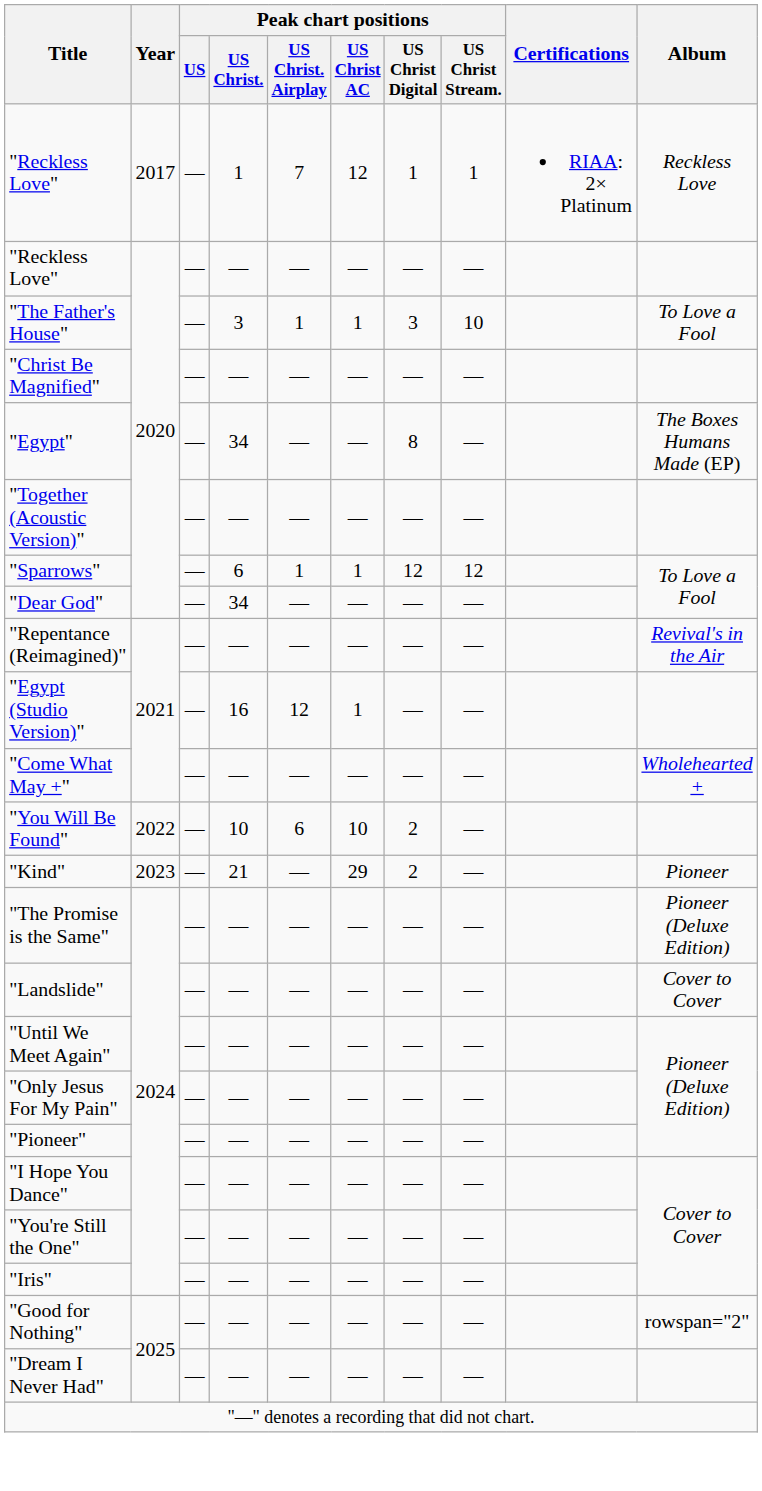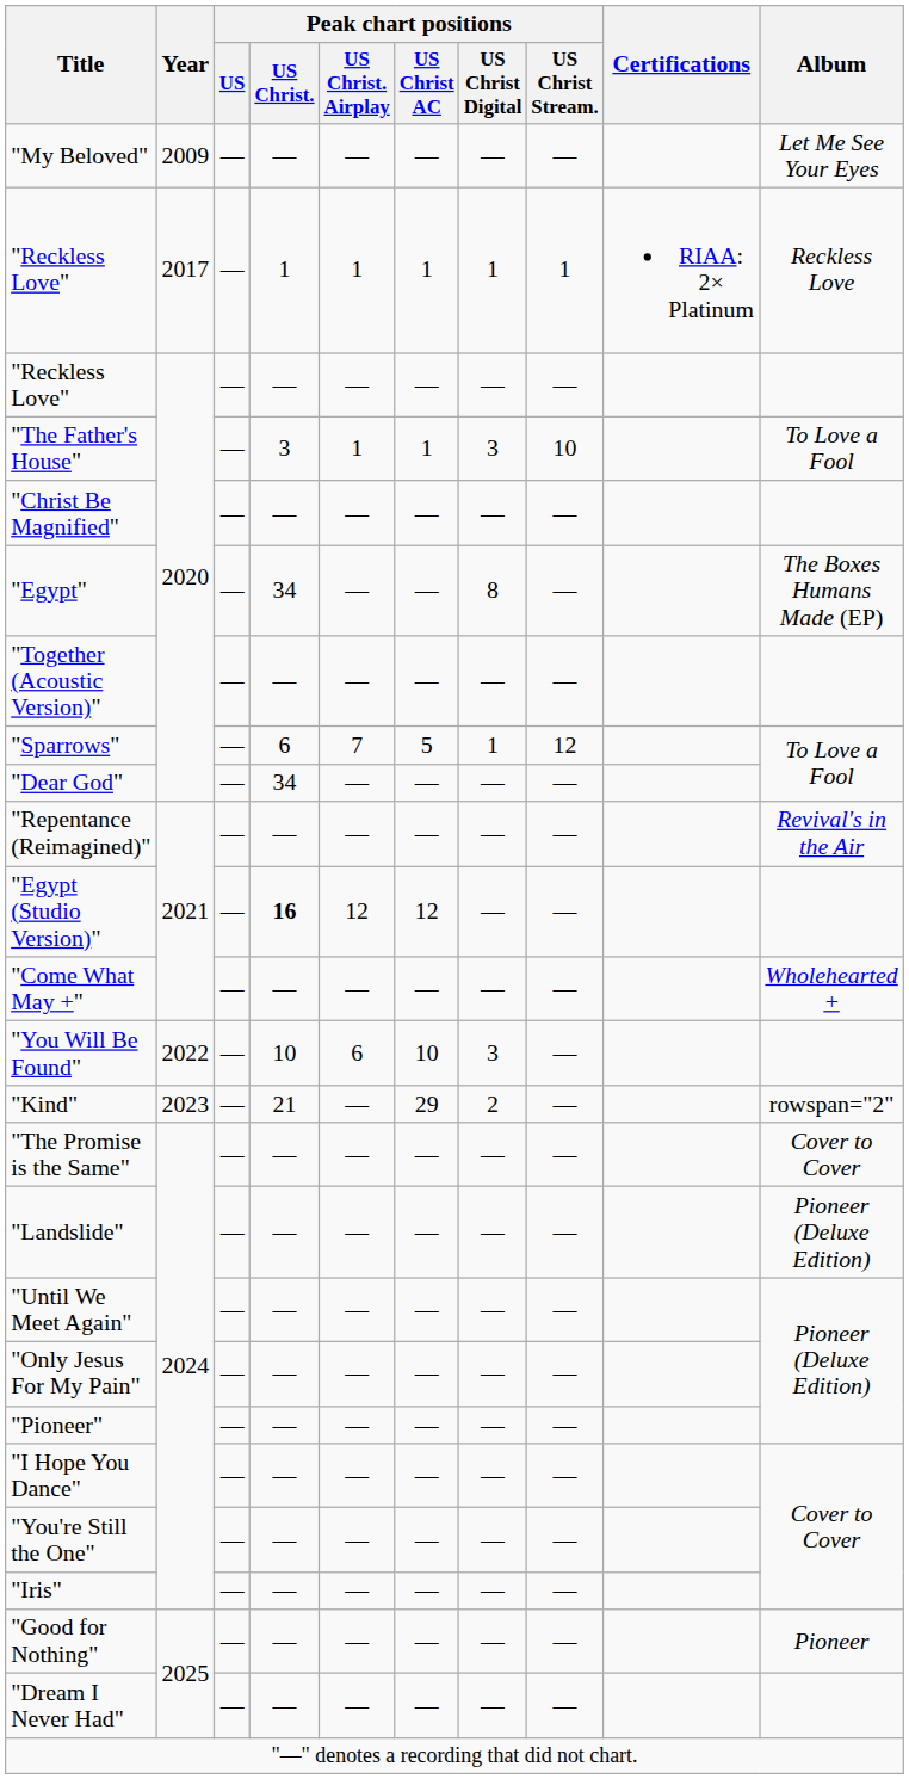 <table class="wikitable" style="text-align:center;">
 <tr>
 <th rowspan="2">Title</th>
 <th rowspan="2">Year</th>
 <th colspan="6" scope="col">Peak chart positions</th>
 <th scope="col" rowspan="2" style="width:13em;"><a href='#'>Certifications</a></th>
 <th rowspan="2">Album</th>
 </tr>
 <tr>
 <th scope="col" style="width:2.5em;font-size:85%;"><a href='#'>US</a><br></th>
 <th scope="col" style="width:3em;font-size:85%;"><a href='#'>US<br>Christ.</a><br></th>
 <th scope="col" style="width:3em;font-size:85%;"><a href='#'>US<br>Christ. Airplay</a><br></th>
 <th scope="col" style="width:3em;font-size:85%;"><a href='#'>US<br>Christ AC</a><br></th>
 <th scope="col" style="width:3em;font-size:85%;">US Christ Digital<br></th>
 <th scope="col" style="width:3em;font-size:85%;">US Christ Stream.<br></th>
 </tr>
 <tr>
+<td align="left">"My Beloved" <br></td>
+<td>2009</td>
+<td>—</td>
+<td>—</td>
+<td>—</td>
+<td>—</td>
+<td>—</td>
+<td>—</td>
+<td></td>
+<td><em>Let Me See Your Eyes</em></td>
+</tr>
+<tr>
 <td align="left">"<a href='#'>Reckless Love</a>"</td>
 <td>2017</td>
 <td>—</td>
 <td>1</td>
-<td>7</td>
-<td>12</td>
+<td>1</td>
+<td>1</td>
 <td>1</td>
 <td>1</td>
 <td><br><ul><li><a href='#'>RIAA</a>: 2× Platinum</li></ul></td>
 <td><em>Reckless Love</em></td>
 </tr>
 <tr>
 <td align="left">"Reckless Love" <br> </td>
 <td rowspan="7">2020</td>
 <td>—</td>
 <td>—</td>
 <td>—</td>
 <td>—</td>
 <td>—</td>
 <td>—</td>
 <td></td>
 <td></td>
 </tr>
 <tr>
 <td align="left">"<a href='#'>The Father's House</a>"</td>
 <td>—</td>
 <td>3</td>
 <td>1</td>
 <td>1</td>
 <td>3</td>
 <td>10</td>
 <td></td>
 <td><em>To Love a Fool</em></td>
 </tr>
 <tr>
 <td align="left">"<a href='#'>Christ Be Magnified</a>"</td>
 <td>—</td>
 <td>—</td>
 <td>—</td>
 <td>—</td>
 <td>—</td>
 <td>—</td>
 <td></td>
 <td></td>
 </tr>
 <tr>
 <td align="left">"<a href='#'>Egypt</a>" <br></td>
 <td>—</td>
 <td>34</td>
 <td>—</td>
 <td>—</td>
 <td>8</td>
 <td>—</td>
 <td></td>
 <td><em>The Boxes Humans Made</em> (EP)</td>
 </tr>
 <tr>
 <td align="left">"<a href='#'>Together (Acoustic Version)</a>" <br></td>
 <td>—</td>
 <td>—</td>
 <td>—</td>
 <td>—</td>
 <td>—</td>
 <td>—</td>
 <td></td>
 <td></td>
 </tr>
 <tr>
 <td align="left">"<a href='#'>Sparrows</a>"</td>
 <td>—</td>
 <td>6</td>
+<td>7</td>
+<td>5</td>
 <td>1</td>
-<td>1</td>
-<td>12</td>
 <td>12</td>
 <td></td>
 <td rowspan="2"><em>To Love a Fool</em></td>
 </tr>
 <tr>
 <td align="left">"<a href='#'>Dear God</a>"</td>
 <td>—</td>
 <td>34</td>
 <td>—</td>
 <td>—</td>
 <td>—</td>
 <td>—</td>
 <td></td>
 </tr>
 <tr>
 <td align="left">"Repentance (Reimagined)" <br></td>
 <td rowspan="3">2021</td>
 <td>—</td>
 <td>—</td>
 <td>—</td>
 <td>—</td>
 <td>—</td>
 <td>—</td>
 <td></td>
 <td><em><a href='#'>Revival's in the Air</a></em></td>
 </tr>
 <tr>
 <td align="left">"<a href='#'>Egypt (Studio Version)</a>"</td>
 <td>—</td>
-<td>16</td>
+<td><strong>16</strong></td>
 <td>12</td>
-<td>1</td>
+<td>12</td>
 <td>—</td>
 <td>—</td>
 <td></td>
 <td></td>
 </tr>
 <tr>
 <td align="left">"<a href='#'>Come What May +</a>" <br></td>
 <td>—</td>
 <td>—</td>
 <td>—</td>
 <td>—</td>
 <td>—</td>
 <td>—</td>
 <td></td>
 <td><em><a href='#'>Wholehearted +</a></em></td>
 </tr>
 <tr>
 <td align="left">"<a href='#'>You Will Be Found</a>" <br></td>
 <td>2022</td>
 <td>—</td>
 <td>10</td>
 <td>6</td>
 <td>10</td>
-<td>2</td>
+<td>3</td>
 <td>—</td>
 <td></td>
 <td></td>
 </tr>
 <tr>
 <td align="left">"Kind"</td>
 <td>2023</td>
 <td>—</td>
 <td>21</td>
 <td>—</td>
 <td>29</td>
 <td>2</td>
 <td>—</td>
 <td></td>
-<td><em>Pioneer</em></td>
+<td>rowspan="2" </td>
 </tr>
 <tr>
 <td align="left">"The Promise is the Same"<br></td>
 <td rowspan="8">2024</td>
 <td>—</td>
 <td>—</td>
 <td>—</td>
 <td>—</td>
 <td>—</td>
 <td>—</td>
 <td></td>
-<td><em>Pioneer (Deluxe Edition)</em></td>
+<td><em>Cover to Cover</em></td>
 </tr>
 <tr>
 <td align="left">"Landslide"</td>
 <td>—</td>
 <td>—</td>
 <td>—</td>
 <td>—</td>
 <td>—</td>
 <td>—</td>
 <td></td>
-<td><em>Cover to Cover</em></td>
+<td><em>Pioneer (Deluxe Edition)</em></td>
 </tr>
 <tr>
 <td align="left">"Until We Meet Again"<br></td>
 <td>—</td>
 <td>—</td>
 <td>—</td>
 <td>—</td>
 <td>—</td>
 <td>—</td>
 <td></td>
 <td rowspan="3"><em>Pioneer (Deluxe Edition)</em></td>
 </tr>
 <tr>
 <td align="left">"Only Jesus For My Pain"<br></td>
 <td>—</td>
 <td>—</td>
 <td>—</td>
 <td>—</td>
 <td>—</td>
 <td>—</td>
 <td></td>
 </tr>
 <tr>
 <td align="left">"Pioneer"<br></td>
 <td>—</td>
 <td>—</td>
 <td>—</td>
 <td>—</td>
 <td>—</td>
 <td>—</td>
 <td></td>
 </tr>
 <tr>
 <td align="left">"I Hope You Dance"</td>
 <td>—</td>
 <td>—</td>
 <td>—</td>
 <td>—</td>
 <td>—</td>
 <td>—</td>
 <td></td>
 <td rowspan="3"><em>Cover to Cover</em></td>
 </tr>
 <tr>
 <td align="left">"You're Still the One"</td>
 <td>—</td>
 <td>—</td>
 <td>—</td>
 <td>—</td>
 <td>—</td>
 <td>—</td>
 <td></td>
 </tr>
 <tr>
 <td align="left">"Iris"</td>
 <td>—</td>
 <td>—</td>
 <td>—</td>
 <td>—</td>
 <td>—</td>
 <td>—</td>
 <td></td>
 </tr>
 <tr>
 <td align="left">"Good for Nothing"</td>
 <td rowspan="2">2025</td>
 <td>—</td>
 <td>—</td>
 <td>—</td>
 <td>—</td>
 <td>—</td>
 <td>—</td>
 <td></td>
-<td>rowspan="2" </td>
+<td><em>Pioneer</em></td>
 </tr>
 <tr>
 <td align="left">"Dream I Never Had"</td>
 <td>—</td>
 <td>—</td>
 <td>—</td>
 <td>—</td>
 <td>—</td>
 <td>—</td>
 <td></td>
 </tr>
 <tr>
 <td colspan="10" style="font-size:90%">"—" denotes a recording that did not chart.</td>
 </tr>
 </table>
